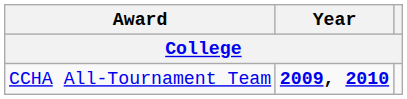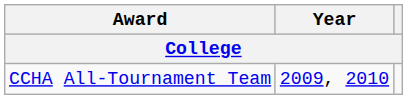 <table class="wikitable">
 <tr>
 <th>Award</th>
 <th>Year</th>
 <th></th>
 </tr>
 <tr>
 <th colspan="3"><a href='#'>College</a></th>
 </tr>
 <tr>
 <td><a href='#'>CCHA</a> <a href='#'>All-Tournament Team</a></td>
-<td><strong><a href='#'>2009</a>, <a href='#'>2010</a></strong></td>
+<td><a href='#'>2009</a>, <a href='#'>2010</a></td>
 <td></td>
 </tr>
 </table>
